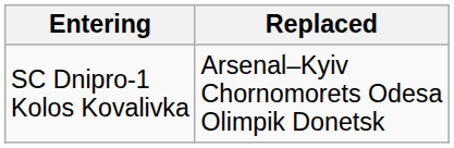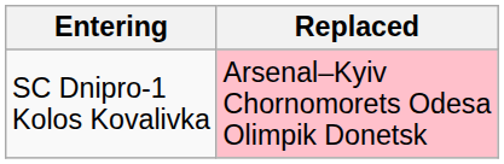 <table class="wikitable">
 <tr>
 <th>Entering</th>
 <th>Replaced</th>
 </tr>
 <tr>
 <td>SC Dnipro-1<br>Kolos Kovalivka</td>
-<td>Arsenal–Kyiv<br>Chornomorets Odesa<br>Olimpik Donetsk</td>
+<td style="background: pink;">Arsenal–Kyiv<br>Chornomorets Odesa<br>Olimpik Donetsk</td>
 </tr>
 </table>
